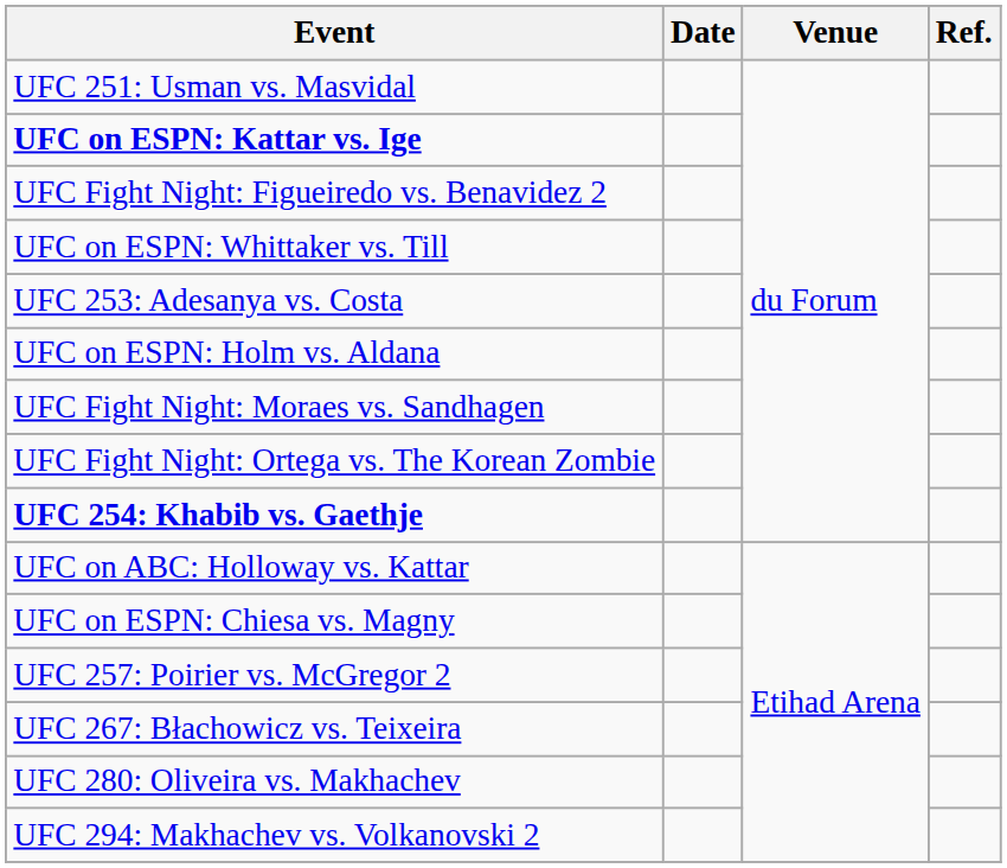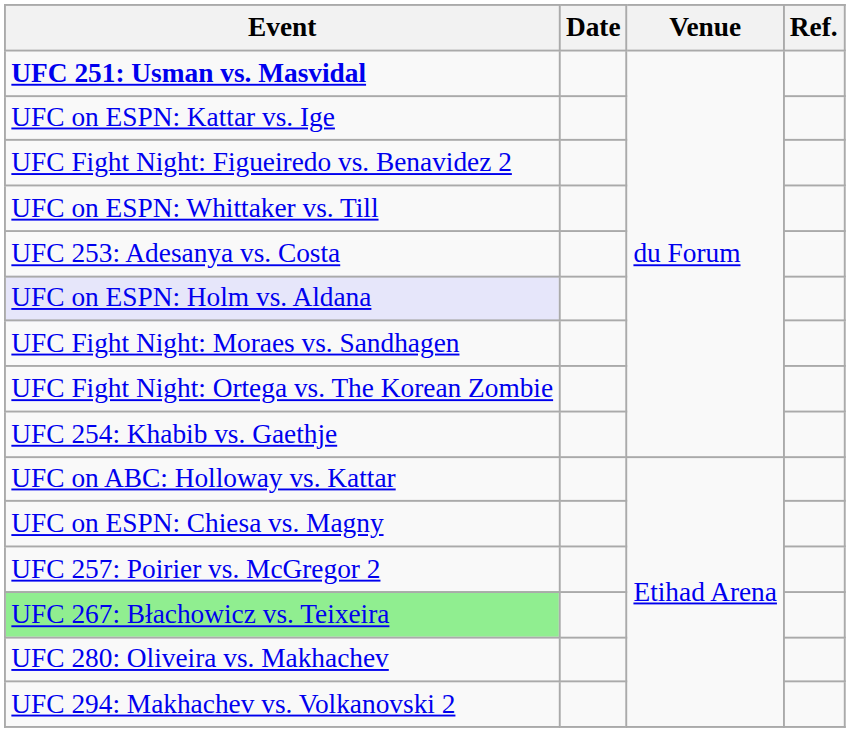 <table id="Events"  class="sortable wikitable succession-box" style="font-size:90%;">
 <tr>
 <th scope="col">Event</th>
 <th scope="col">Date</th>
 <th>Venue</th>
 <th scope="col" class=unsortable>Ref.</th>
 </tr>
 <tr>
-<td><a href='#'>UFC 251: Usman vs. Masvidal</a></td>
+<td><strong><a href='#'>UFC 251: Usman vs. Masvidal</a></strong></td>
 <td></td>
 <td rowspan="9"><a href='#'>du Forum</a></td>
 <td></td>
 </tr>
 <tr>
-<td><strong><a href='#'>UFC on ESPN: Kattar vs. Ige</a></strong></td>
+<td><a href='#'>UFC on ESPN: Kattar vs. Ige</a></td>
 <td></td>
 <td></td>
 </tr>
 <tr>
 <td><a href='#'>UFC Fight Night: Figueiredo vs. Benavidez 2</a></td>
 <td></td>
 <td></td>
 </tr>
 <tr>
 <td><a href='#'>UFC on ESPN: Whittaker vs. Till</a></td>
 <td></td>
 <td></td>
 </tr>
 <tr>
 <td><a href='#'>UFC 253: Adesanya vs. Costa</a></td>
 <td></td>
 <td></td>
 </tr>
 <tr>
-<td><a href='#'>UFC on ESPN: Holm vs. Aldana</a></td>
+<td style="background: lavender;"><a href='#'>UFC on ESPN: Holm vs. Aldana</a></td>
 <td></td>
 <td></td>
 </tr>
 <tr>
 <td><a href='#'>UFC Fight Night: Moraes vs. Sandhagen</a></td>
 <td></td>
 <td></td>
 </tr>
 <tr>
 <td><a href='#'>UFC Fight Night: Ortega vs. The Korean Zombie</a></td>
 <td></td>
 <td></td>
 </tr>
 <tr>
-<td><strong><a href='#'>UFC 254: Khabib vs. Gaethje</a></strong></td>
+<td><a href='#'>UFC 254: Khabib vs. Gaethje</a></td>
 <td></td>
 <td></td>
 </tr>
 <tr>
 <td><a href='#'>UFC on ABC: Holloway vs. Kattar</a></td>
 <td></td>
 <td rowspan="6"><a href='#'>Etihad Arena</a></td>
 <td></td>
 </tr>
 <tr>
 <td><a href='#'>UFC on ESPN: Chiesa vs. Magny</a></td>
 <td></td>
 <td></td>
 </tr>
 <tr>
 <td><a href='#'>UFC 257: Poirier vs. McGregor 2</a></td>
 <td></td>
 <td></td>
 </tr>
 <tr>
-<td><a href='#'>UFC 267: Błachowicz vs. Teixeira</a></td>
+<td style="background: lightgreen;"><a href='#'>UFC 267: Błachowicz vs. Teixeira</a></td>
 <td></td>
 <td></td>
 </tr>
 <tr>
 <td><a href='#'>UFC 280: Oliveira vs. Makhachev</a></td>
 <td></td>
 <td></td>
 </tr>
 <tr>
 <td><a href='#'>UFC 294: Makhachev vs. Volkanovski 2</a></td>
 <td></td>
 <td></td>
 </tr>
 </table>
